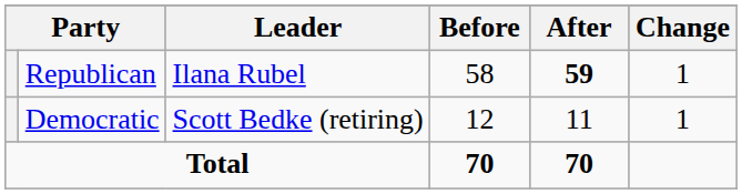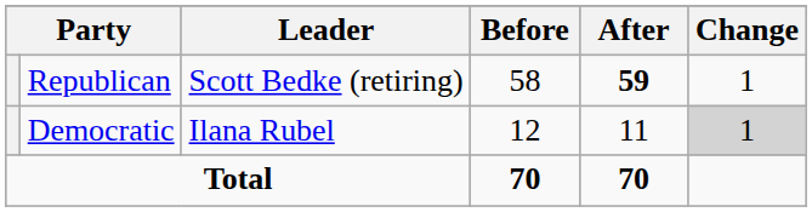 <table class="wikitable" style="text-align:center;">
 <tr>
 </tr>
 <tr>
 <th colspan=2>Party</th>
 <th>Leader</th>
 <th style="width:3em">Before</th>
 <th style="width:3em">After</th>
 <th style="width:3em">Change</th>
 </tr>
 <tr>
 <th style="background-color:"></th>
 <td style="text-align:left;"><a href='#'>Republican</a></td>
-<td style="text-align:left;"><a href='#'>Ilana Rubel</a></td>
+<td style="text-align:left;"><a href='#'>Scott Bedke</a> (retiring)</td>
 <td>58</td>
 <td><strong>59</strong></td>
 <td>1</td>
 </tr>
 <tr>
 <th style="background-color:"></th>
 <td style="text-align:left;"><a href='#'>Democratic</a></td>
-<td style="text-align:left;"><a href='#'>Scott Bedke</a> (retiring)</td>
+<td style="text-align:left;"><a href='#'>Ilana Rubel</a></td>
 <td>12</td>
 <td>11</td>
-<td>1</td>
+<td style="background: lightgrey;">1</td>
 </tr>
 <tr>
 <td colspan=3><strong>Total</strong></td>
 <td><strong>70</strong></td>
 <td><strong>70</strong></td>
 <td></td>
 </tr>
 </table>
